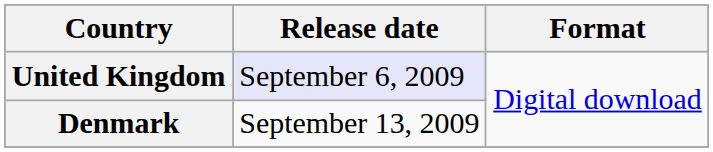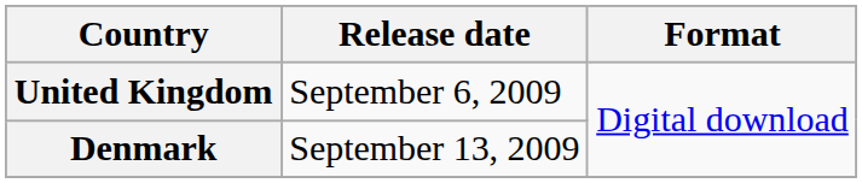 <table class="wikitable plainrowheaders">
 <tr>
 <th scope="col">Country</th>
 <th scope="col">Release date</th>
 <th scope="col">Format</th>
 </tr>
 <tr>
 <th scope="row">United Kingdom</th>
-<td style="background: lavender;">September 6, 2009</td>
+<td>September 6, 2009</td>
 <td rowspan="2"><a href='#'>Digital download</a></td>
 </tr>
 <tr>
 <th scope="row">Denmark</th>
 <td>September 13, 2009</td>
 </tr>
 <tr>
 </tr>
 </table>
